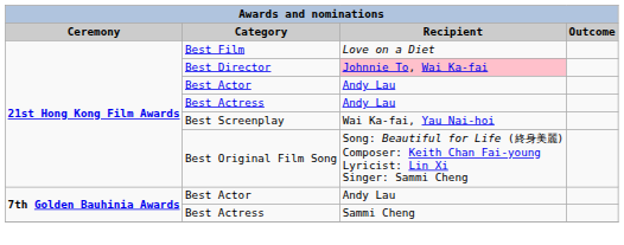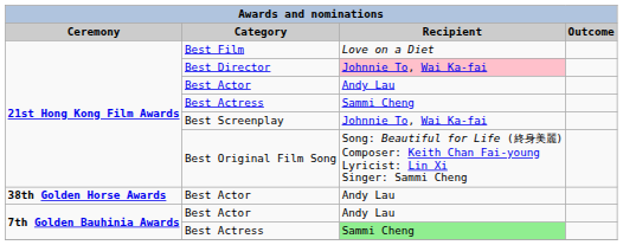 <table class="wikitable" style="font-size:95%;" ;>
 <tr style="background:#ccc; text-align:center;">
 <th colspan="4" style="background: LightSteelBlue;">Awards and nominations</th>
 </tr>
 <tr style="background:#ccc; text-align:center;">
 <th style="background:#ccc">Ceremony</th>
 <th style="background:#ccc">Category</th>
 <th style="background:#ccc">Recipient</th>
 <th style="background:#ccc">Outcome</th>
 </tr>
 <tr>
 <td rowspan=6><strong><a href='#'>21st Hong Kong Film Awards</a></strong></td>
 <td><a href='#'>Best Film</a></td>
 <td><em>Love on a Diet</em></td>
 <td></td>
 </tr>
 <tr>
 <td><a href='#'>Best Director</a></td>
 <td style="background: pink;"><a href='#'>Johnnie To</a>, <a href='#'>Wai Ka-fai</a></td>
 <td></td>
 </tr>
 <tr>
 <td><a href='#'>Best Actor</a></td>
 <td><a href='#'>Andy Lau</a></td>
 <td></td>
 </tr>
 <tr>
 <td><a href='#'>Best Actress</a></td>
-<td><a href='#'>Andy Lau</a></td>
+<td><a href='#'>Sammi Cheng</a></td>
 <td></td>
 </tr>
 <tr>
 <td>Best Screenplay</td>
-<td>Wai Ka-fai, <a href='#'>Yau Nai-hoi</a></td>
+<td><a href='#'>Johnnie To</a>, <a href='#'>Wai Ka-fai</a></td>
 <td></td>
 </tr>
 <tr>
 <td>Best Original Film Song</td>
 <td>Song: <em>Beautiful for Life</em> (終身美麗)<br>Composer: <a href='#'>Keith Chan Fai-young</a> <br>Lyricist: <a href='#'>Lin Xi</a> <br>Singer: Sammi Cheng</td>
+<td></td>
+</tr>
+<tr>
+<td><strong>38th <a href='#'>Golden Horse Awards</a></strong></td>
+<td>Best Actor</td>
+<td>Andy Lau</td>
 <td></td>
 </tr>
 <tr>
 <td rowspan=2><strong>7th <a href='#'>Golden Bauhinia Awards</a></strong></td>
 <td>Best Actor</td>
 <td>Andy Lau</td>
 <td></td>
 </tr>
 <tr>
 <td>Best Actress</td>
-<td>Sammi Cheng</td>
+<td style="background: lightgreen;">Sammi Cheng</td>
 <td></td>
 </tr>
 <tr>
 </tr>
 </table>
